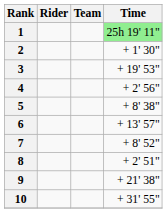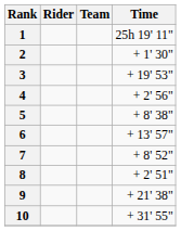 <table class="wikitable" margin-bottom:0;">
 <tr>
 <th scope="col">Rank</th>
 <th scope="col">Rider</th>
 <th scope="col">Team</th>
 <th scope="col">Time</th>
 </tr>
 <tr>
 <th scope="row">1</th>
 <td> </td>
 <td></td>
-<td align="right" style="background: lightgreen;">25h 19' 11"</td>
+<td align="right">25h 19' 11"</td>
 </tr>
 <tr>
 <th scope="row">2</th>
 <td></td>
 <td></td>
 <td align="right">+ 1' 30"</td>
 </tr>
 <tr>
 <th scope="row">3</th>
 <td></td>
 <td></td>
 <td align="right">+ 19' 53"</td>
 </tr>
 <tr>
 <th scope="row">4</th>
 <td></td>
 <td></td>
 <td align="right">+ 2' 56"</td>
 </tr>
 <tr>
 <th scope="row">5</th>
 <td></td>
 <td></td>
 <td align="right">+ 8' 38"</td>
 </tr>
 <tr>
 <th scope="row">6</th>
 <td></td>
 <td></td>
 <td align="right">+ 13' 57"</td>
 </tr>
 <tr>
 <th scope="row">7</th>
 <td></td>
 <td></td>
 <td align="right">+ 8' 52"</td>
 </tr>
 <tr>
 <th scope="row">8</th>
 <td></td>
 <td></td>
 <td align="right">+ 2' 51"</td>
 </tr>
 <tr>
 <th scope="row">9</th>
 <td></td>
 <td></td>
 <td align="right">+ 21' 38"</td>
 </tr>
 <tr>
 <th scope="row">10</th>
 <td></td>
 <td></td>
 <td align="right">+ 31' 55"</td>
 </tr>
 <tr>
 </tr>
 </table>
